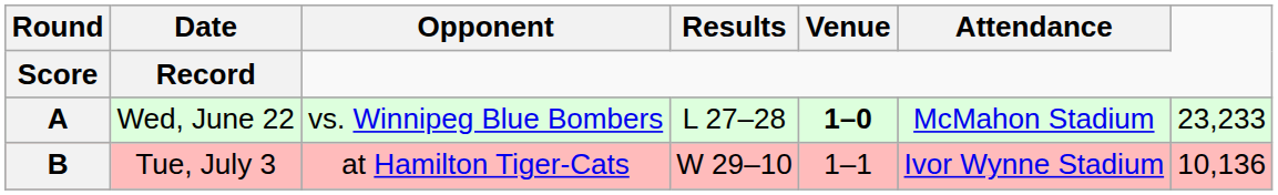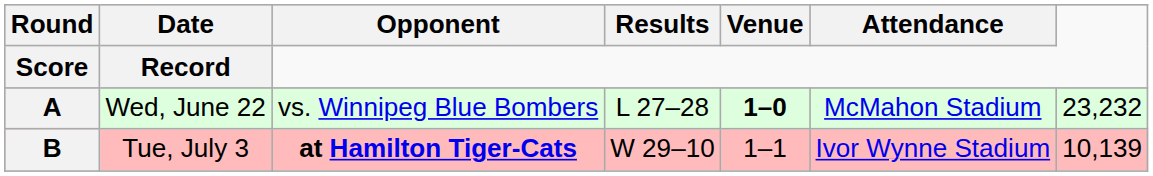 <table class="wikitable" style="text-align:center">
 <tr>
 <th>Round</th>
 <th>Date</th>
 <th>Opponent</th>
 <th>Results</th>
 <th>Venue</th>
 <th>Attendance</th>
 </tr>
 <tr>
 <th>Score</th>
 <th>Record</th>
 </tr>
 <tr style="background:#ddffdd">
 <th>A</th>
 <td>Wed, June 22</td>
 <td>vs. <a href='#'>Winnipeg Blue Bombers</a></td>
 <td>L 27–28</td>
 <td><strong>1–0</strong></td>
 <td><a href='#'>McMahon Stadium</a></td>
-<td>23,233</td>
+<td>23,232</td>
 </tr>
 <tr style="background:#ffbbbb">
 <th>B</th>
 <td>Tue, July 3</td>
-<td>at <a href='#'>Hamilton Tiger-Cats</a></td>
+<td><strong>at <a href='#'>Hamilton Tiger-Cats</a></strong></td>
 <td>W 29–10</td>
 <td>1–1</td>
 <td><a href='#'>Ivor Wynne Stadium</a></td>
-<td>10,136</td>
+<td>10,139</td>
 </tr>
 </table>
